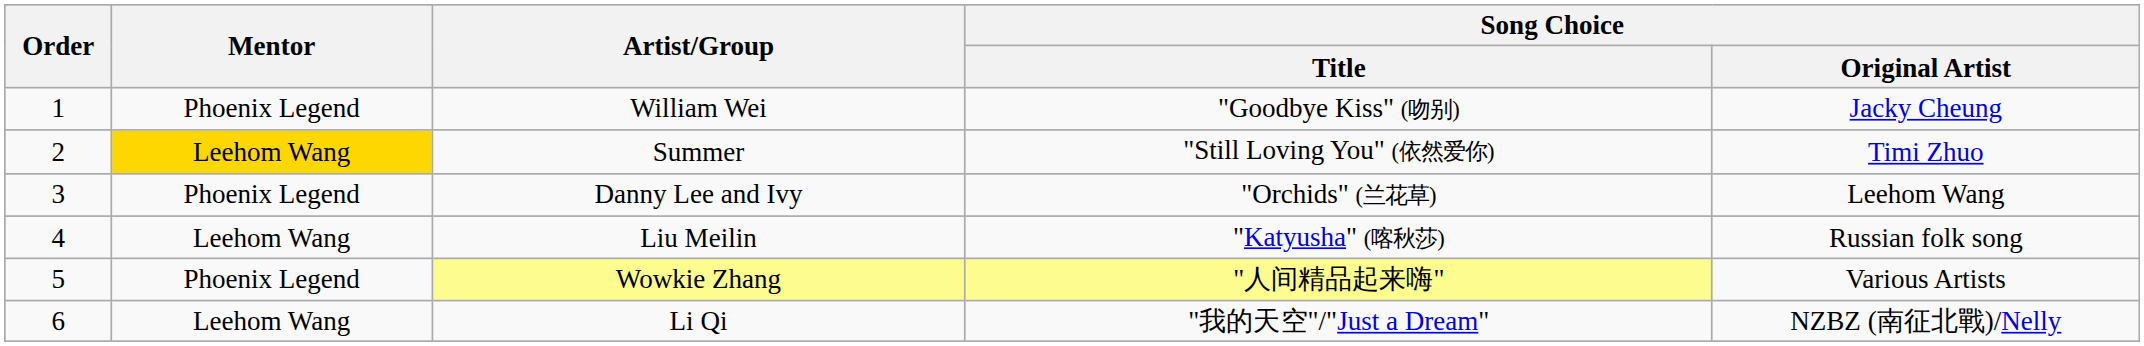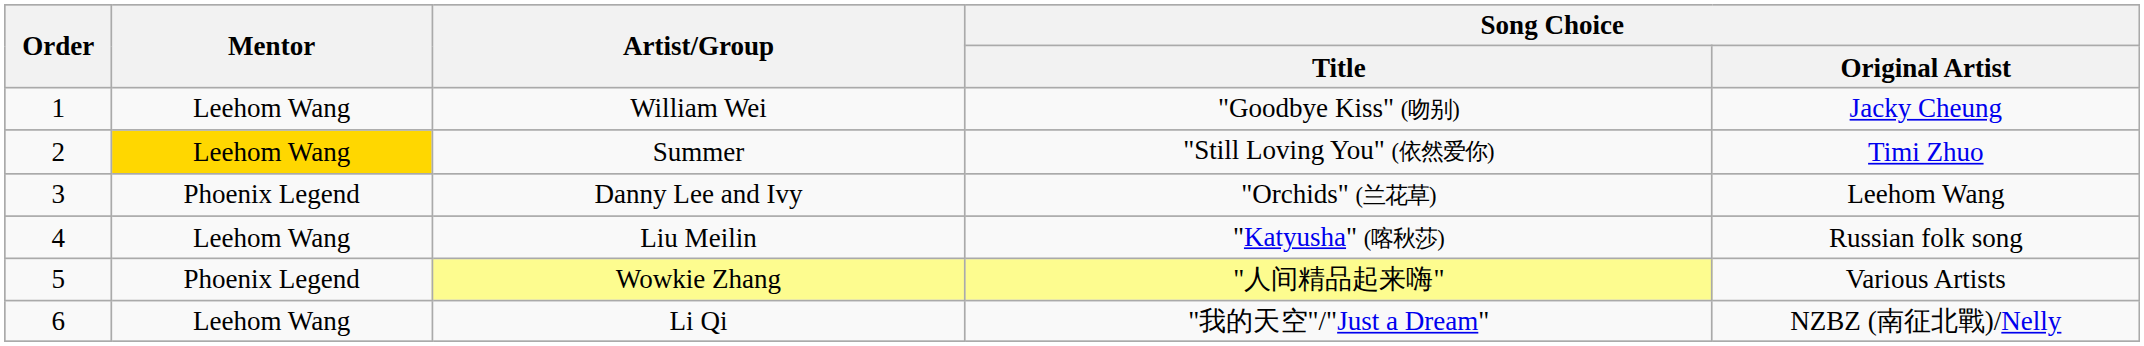 <table class="wikitable" style="text-align:center; line-height:17px; font-size:100%; width:100%;">
 <tr>
 <th scope="col" rowspan="2" width="05%">Order</th>
 <th scope="col" rowspan="2" width="15%">Mentor</th>
 <th scope="col" rowspan="2" width="25%">Artist/Group</th>
 <th scope="col" colspan="2">Song Choice</th>
 </tr>
 <tr>
 <th scope="col" width="35%">Title</th>
 <th scope="col" width="20%">Original Artist</th>
 </tr>
 <tr>
 <td scope="row">1</td>
-<td scope="row">Phoenix Legend</td>
+<td scope="row">Leehom Wang</td>
 <td style="scope=row">William Wei</td>
 <td style="scope=row">"Goodbye Kiss" <small>(吻别)</small></td>
 <td scope="row"><a href='#'>Jacky Cheung</a></td>
 </tr>
 <tr>
 <td scope="row">2</td>
 <td scope="row" style="background: gold;">Leehom Wang</td>
 <td style="scope:row">Summer</td>
 <td style="scope:row">"Still Loving You" <small>(依然爱你)</small></td>
 <td scope="row"><a href='#'>Timi Zhuo</a></td>
 </tr>
 <tr>
 <td scope="row">3</td>
 <td scope="row">Phoenix Legend</td>
 <td style="scope:row">Danny Lee and Ivy</td>
 <td style="scope:row">"Orchids" <small>(兰花草)</small></td>
 <td scope="row">Leehom Wang</td>
 </tr>
 <tr>
 <td scope="row">4</td>
 <td scope="row">Leehom Wang</td>
 <td style="scope:row">Liu Meilin</td>
 <td style="scope:row">"<a href='#'>Katyusha</a>" <small>(喀秋莎)</small></td>
 <td scope="row">Russian folk song</td>
 </tr>
 <tr>
 <td scope="row">5</td>
 <td scope="row">Phoenix Legend</td>
 <td style="background:#fdfc8f; scope:row">Wowkie Zhang</td>
 <td style="background:#fdfc8f; scope:row">"人间精品起来嗨"</td>
 <td scope="row">Various Artists</td>
 </tr>
 <tr>
 <td scope="row">6</td>
 <td scope="row">Leehom Wang</td>
 <td style="scope:row">Li Qi</td>
 <td style="scope:row">"我的天空"/"<a href='#'>Just a Dream</a>"</td>
 <td scope="row">NZBZ (南征北戰)/<a href='#'>Nelly</a></td>
 </tr>
 </table>
